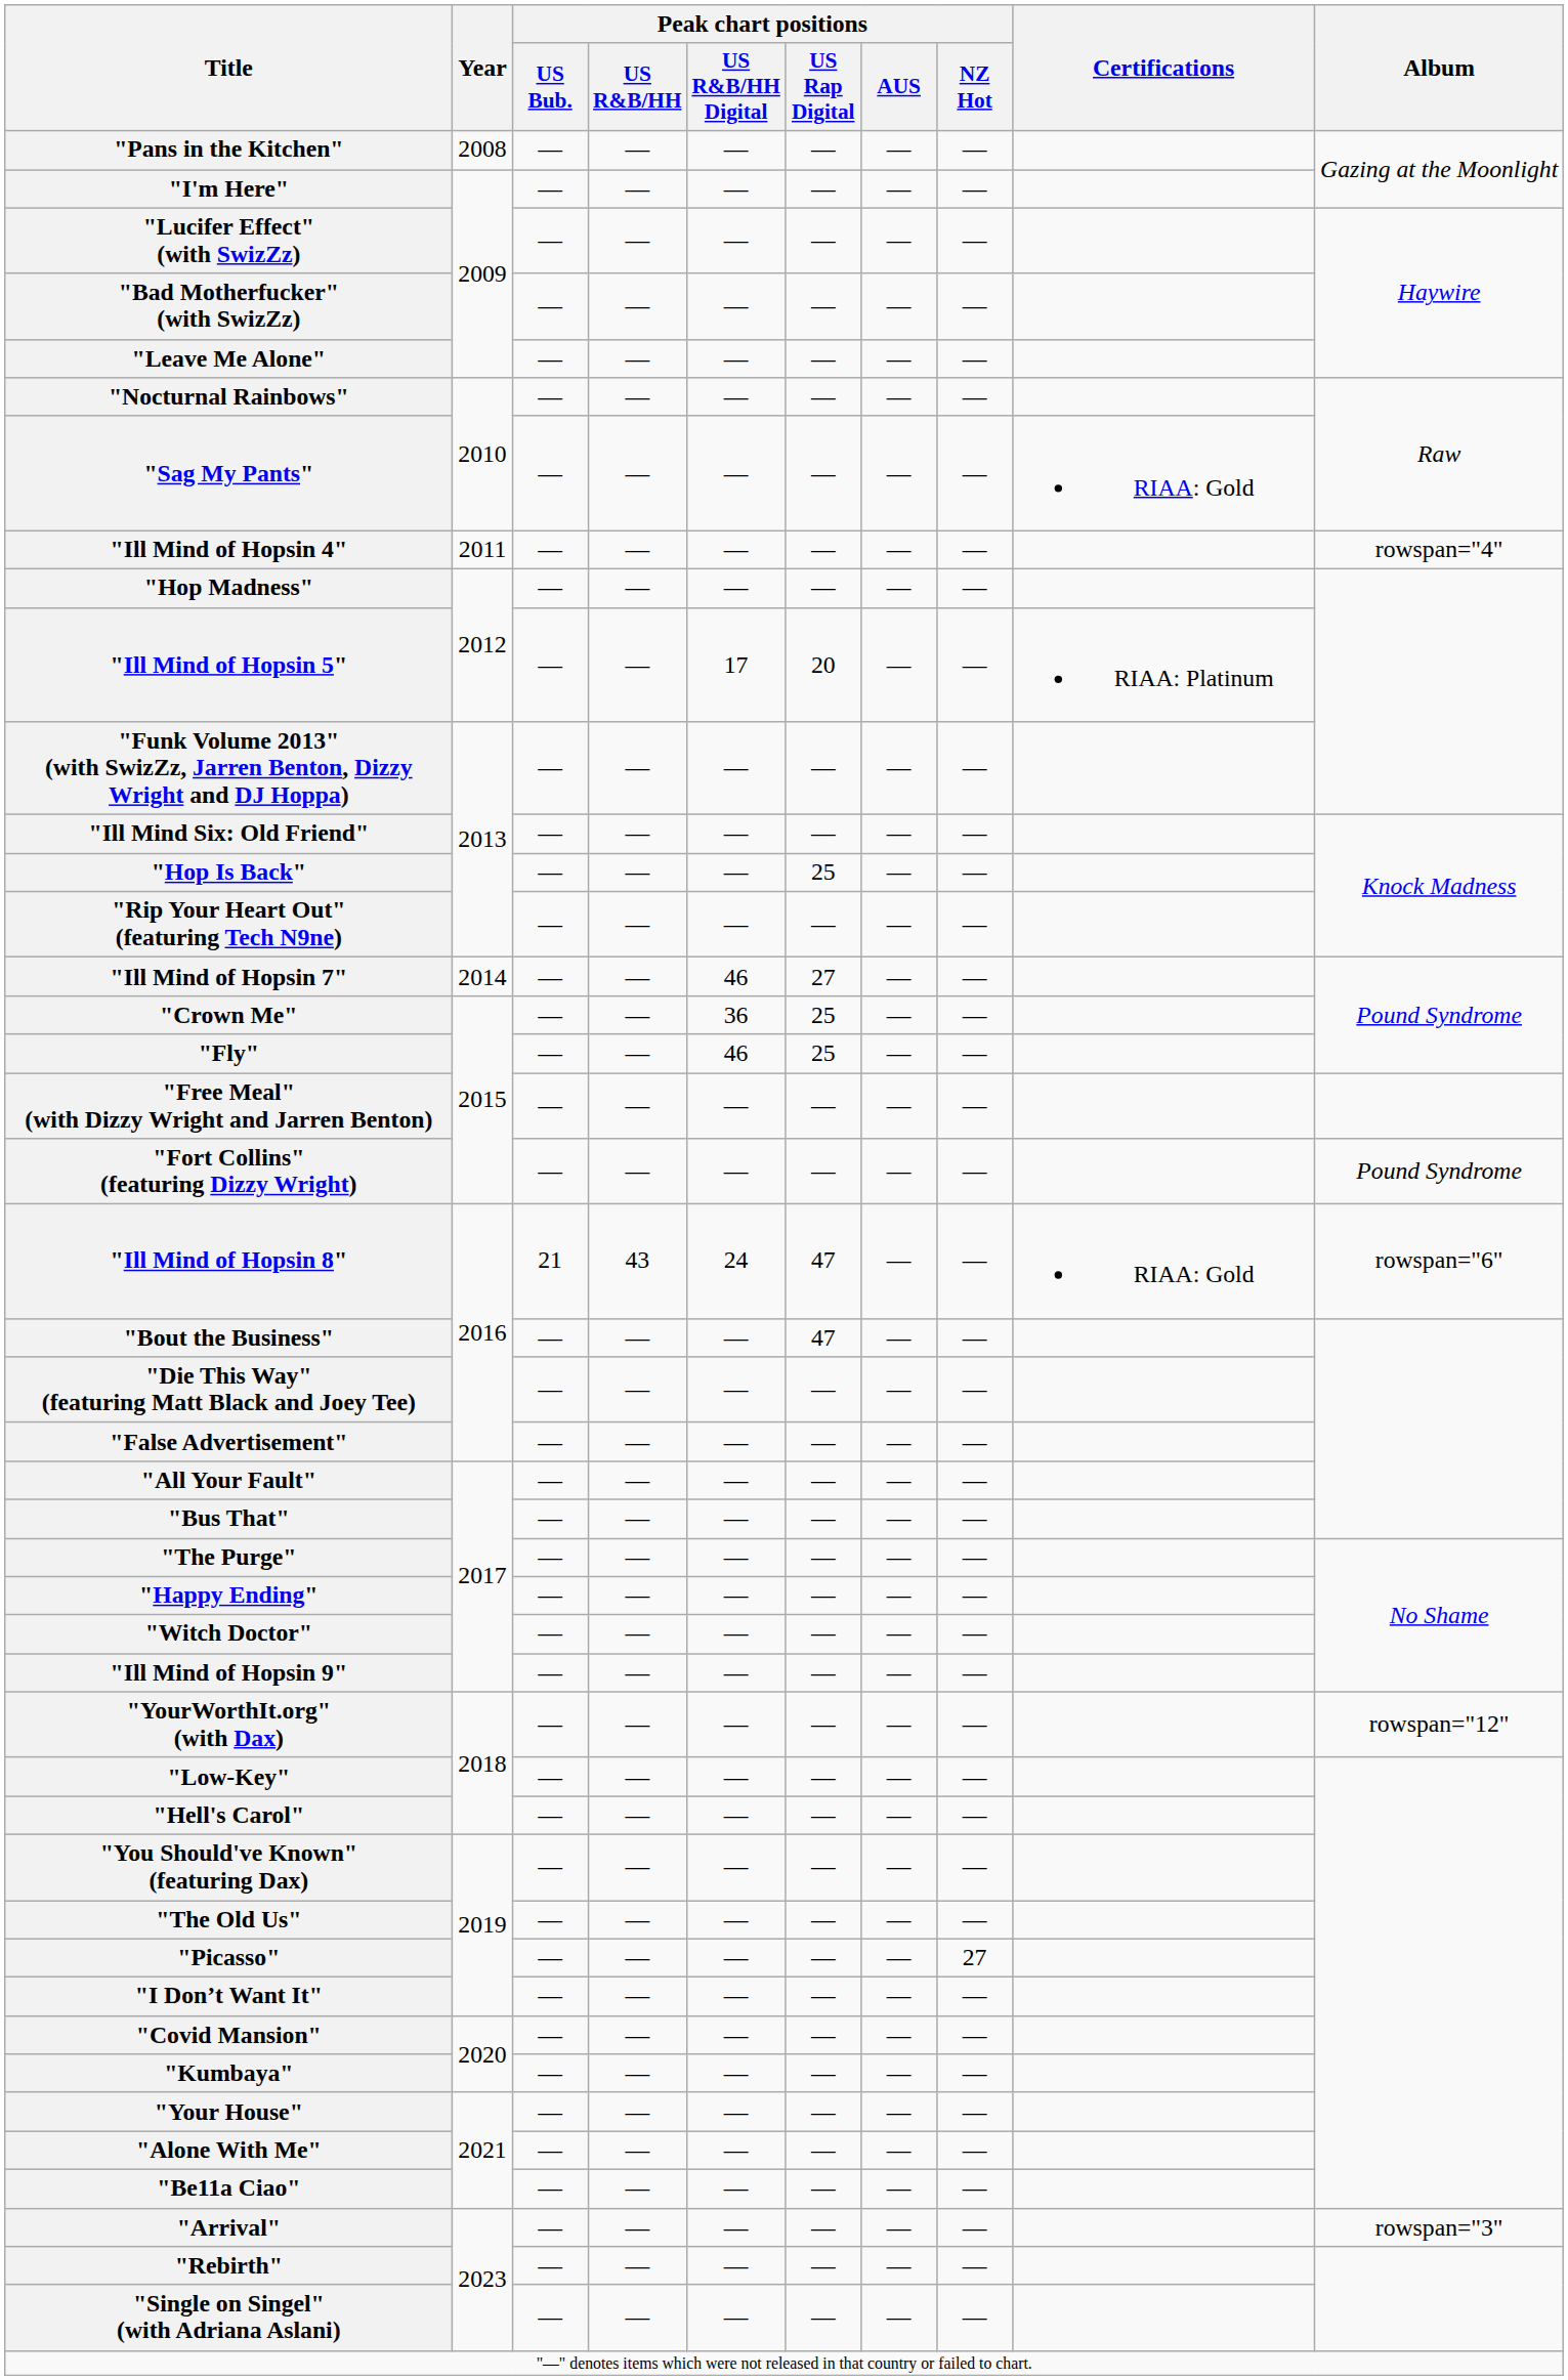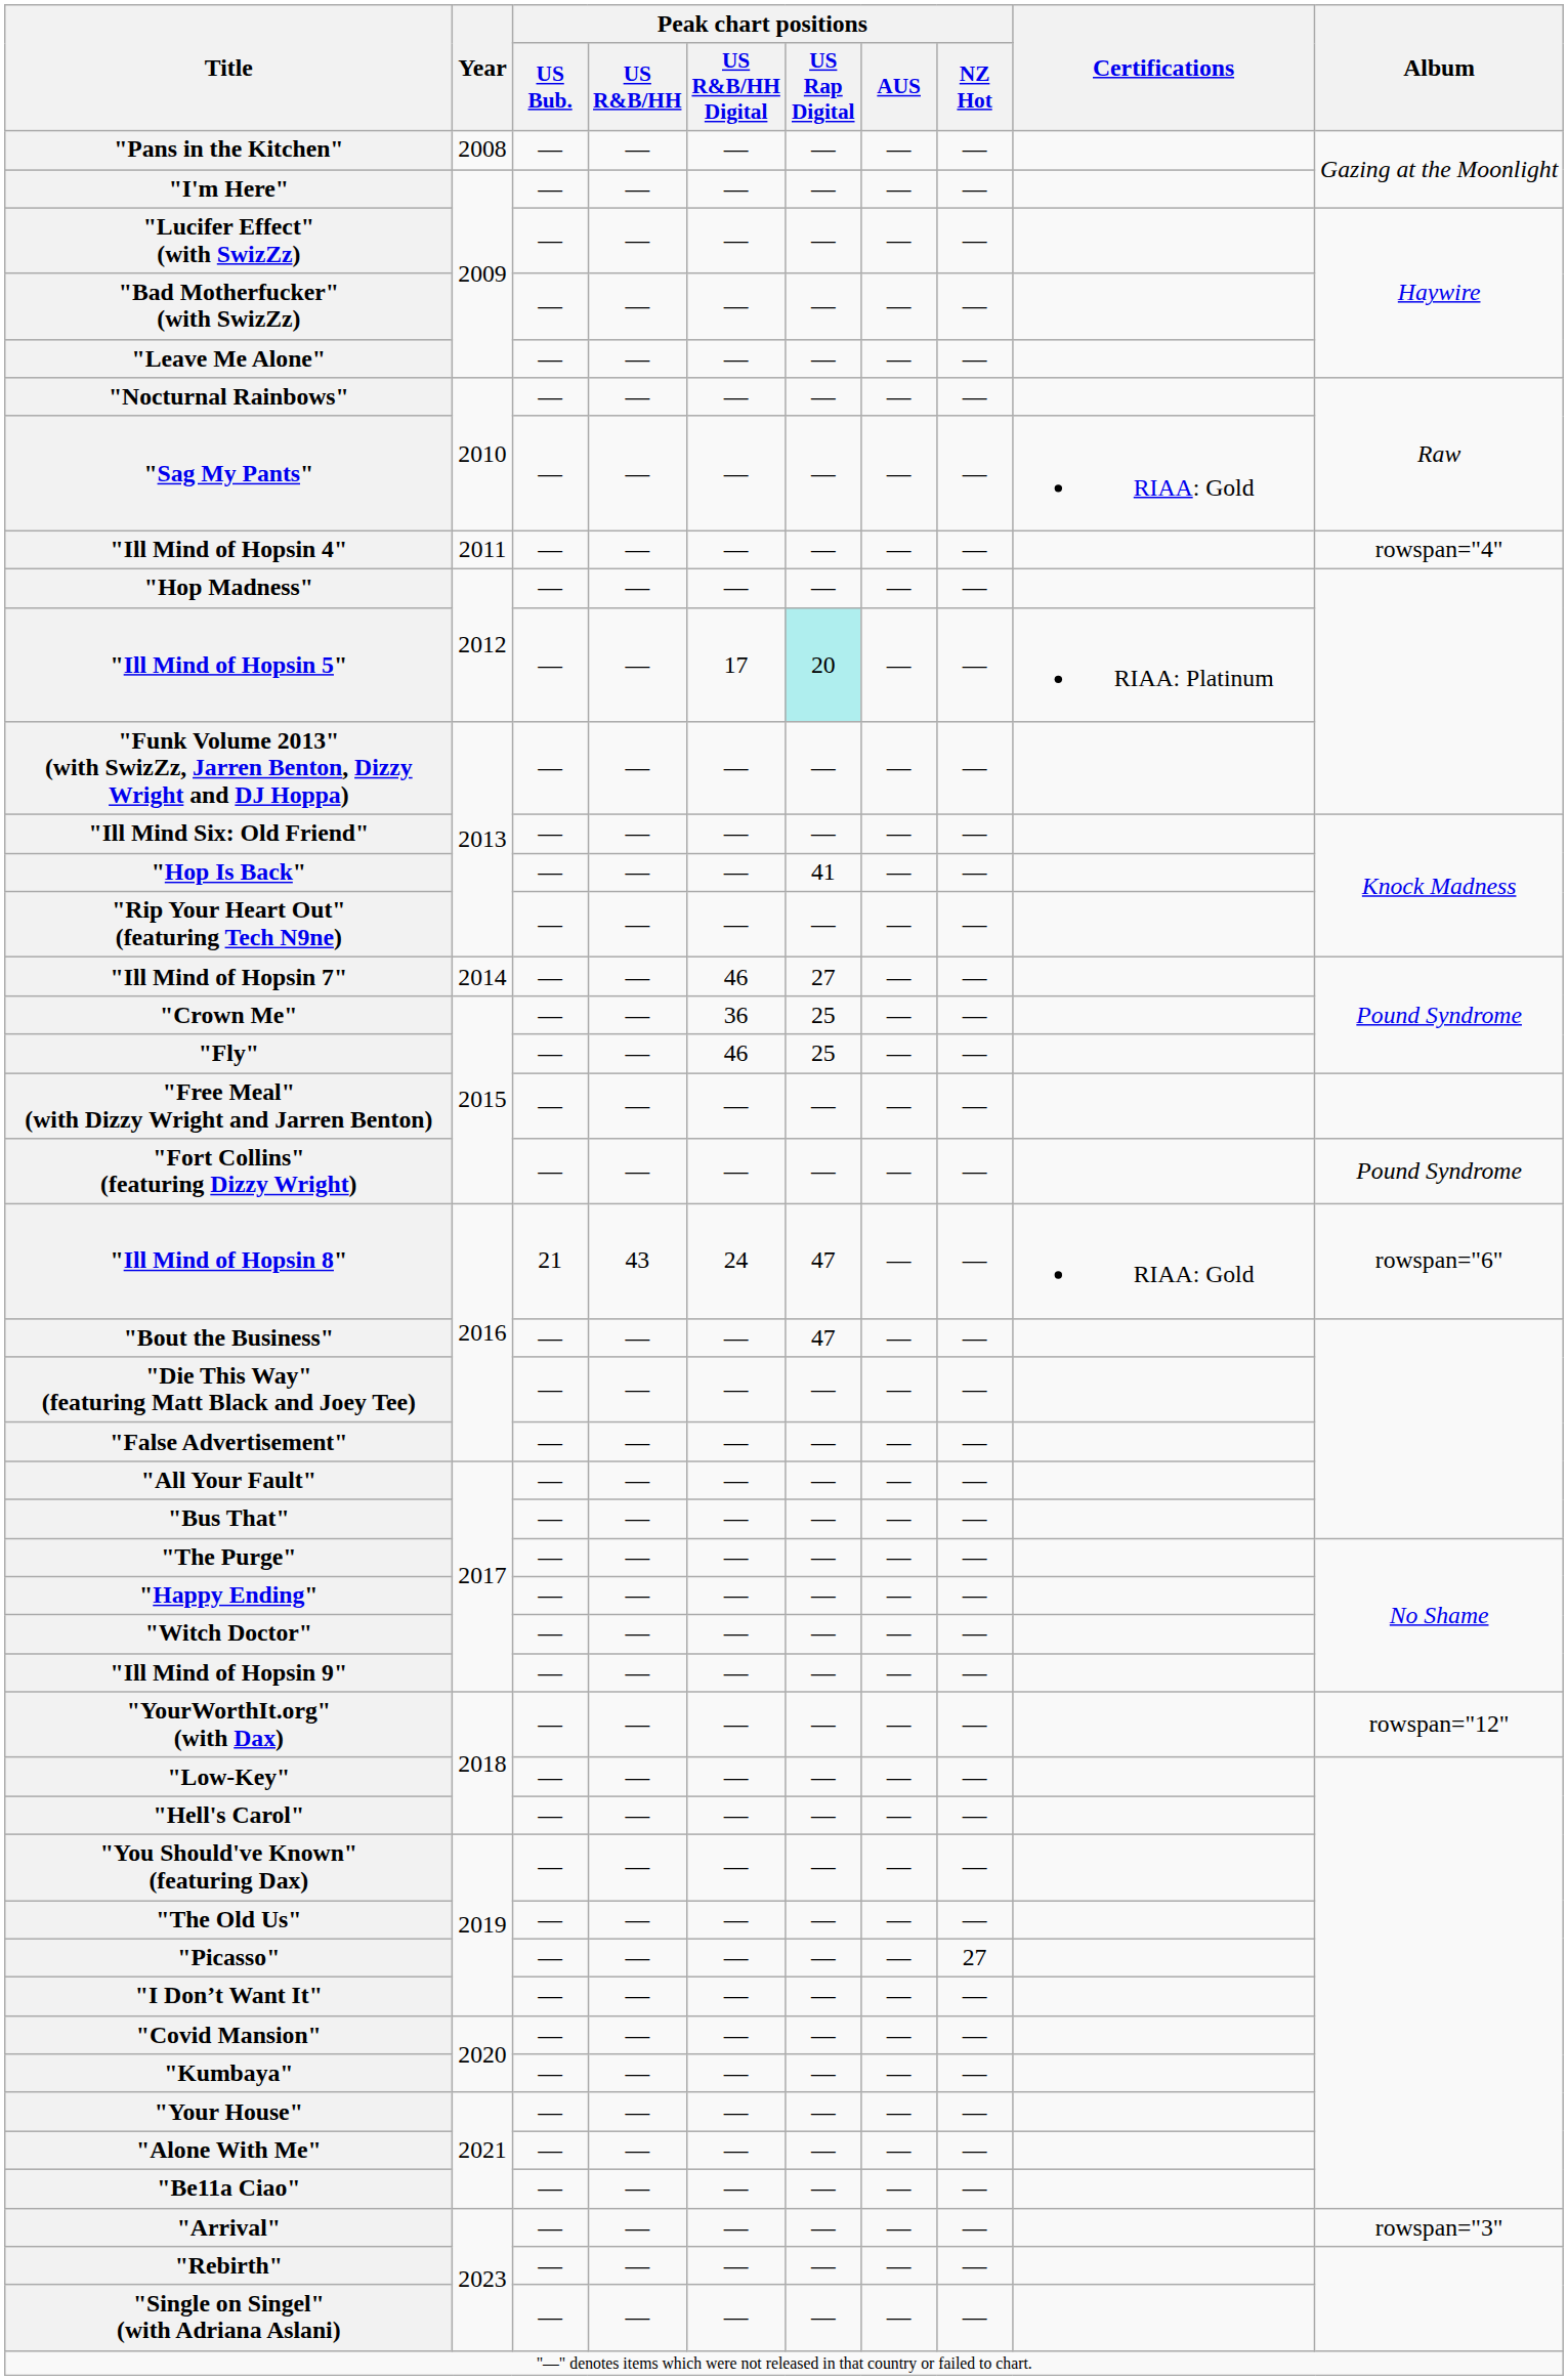 <table class="wikitable plainrowheaders" style="text-align:center;">
 <tr>
 <th scope="col" rowspan="2" style="width:18em;">Title</th>
 <th scope="col" rowspan="2">Year</th>
 <th scope="col" colspan="6">Peak chart positions</th>
 <th scope="col" rowspan="2" style="width:12em;"><a href='#'>Certifications</a></th>
 <th scope="col" rowspan="2">Album</th>
 </tr>
 <tr>
 <th scope="col" style="width:3em;font-size:90%;"><a href='#'>US<br>Bub.</a><br></th>
 <th scope="col" style="width:3em;font-size:90%;"><a href='#'>US R&B/HH</a><br></th>
 <th scope="col" style="width:3em;font-size:90%;"><a href='#'>US R&B/HH Digital</a><br></th>
 <th scope="col" style="width:3em;font-size:90%;"><a href='#'>US Rap Digital</a><br></th>
 <th scope="col" style="width:3em;font-size:90%;"><a href='#'>AUS</a></th>
 <th scope="col" style="width:3em;font-size:90%;"><a href='#'>NZ<br>Hot</a><br></th>
 </tr>
 <tr>
 <th scope="row">"Pans in the Kitchen"</th>
 <td>2008</td>
 <td>—</td>
 <td>—</td>
 <td>—</td>
 <td>—</td>
 <td>—</td>
 <td>—</td>
 <td></td>
 <td rowspan="2"><em>Gazing at the Moonlight</em></td>
 </tr>
 <tr>
 <th scope="row">"I'm Here"</th>
 <td rowspan="4">2009</td>
 <td>—</td>
 <td>—</td>
 <td>—</td>
 <td>—</td>
 <td>—</td>
 <td>—</td>
 <td></td>
 </tr>
 <tr>
 <th scope="row">"Lucifer Effect"<br><span>(with <a href='#'>SwizZz</a>)</span></th>
 <td>—</td>
 <td>—</td>
 <td>—</td>
 <td>—</td>
 <td>—</td>
 <td>—</td>
 <td></td>
 <td rowspan="3"><em><a href='#'>Haywire</a></em></td>
 </tr>
 <tr>
 <th scope="row">"Bad Motherfucker"<br><span>(with SwizZz)</span></th>
 <td>—</td>
 <td>—</td>
 <td>—</td>
 <td>—</td>
 <td>—</td>
 <td>—</td>
 <td></td>
 </tr>
 <tr>
 <th scope="row">"Leave Me Alone"</th>
 <td>—</td>
 <td>—</td>
 <td>—</td>
 <td>—</td>
 <td>—</td>
 <td>—</td>
 <td></td>
 </tr>
 <tr>
 <th scope="row">"Nocturnal Rainbows"</th>
 <td rowspan="2”">2010</td>
 <td>—</td>
 <td>—</td>
 <td>—</td>
 <td>—</td>
 <td>—</td>
 <td>—</td>
 <td></td>
 <td rowspan="2"><em>Raw</em></td>
 </tr>
 <tr>
 <th scope="row">"<a href='#'>Sag My Pants</a>"</th>
 <td>—</td>
 <td>—</td>
 <td>—</td>
 <td>—</td>
 <td>—</td>
 <td>—</td>
 <td><br><ul><li><a href='#'>RIAA</a>: Gold</li></ul></td>
 </tr>
 <tr>
 <th scope="row">"Ill Mind of Hopsin 4"</th>
 <td>2011</td>
 <td>—</td>
 <td>—</td>
 <td>—</td>
 <td>—</td>
 <td>—</td>
 <td>—</td>
 <td></td>
 <td>rowspan="4" </td>
 </tr>
 <tr>
 <th scope="row">"Hop Madness"</th>
 <td rowspan="2">2012</td>
 <td>—</td>
 <td>—</td>
 <td>—</td>
 <td>—</td>
 <td>—</td>
 <td>—</td>
 <td></td>
 </tr>
 <tr>
 <th scope="row">"<a href='#'>Ill Mind of Hopsin 5</a>"</th>
 <td>—</td>
 <td>—</td>
 <td>17</td>
-<td>20</td>
+<td style="background: paleturquoise;">20</td>
 <td>—</td>
 <td>—</td>
 <td><br><ul><li>RIAA: Platinum</li></ul></td>
 </tr>
 <tr>
 <th scope="row">"Funk Volume 2013"<br><span>(with SwizZz, <a href='#'>Jarren Benton</a>, <a href='#'>Dizzy Wright</a> and <a href='#'>DJ Hoppa</a>)</span></th>
 <td rowspan="4">2013</td>
 <td>—</td>
 <td>—</td>
 <td>—</td>
 <td>—</td>
 <td>—</td>
 <td>—</td>
 <td></td>
 </tr>
 <tr>
 <th scope="row">"Ill Mind Six: Old Friend"</th>
 <td>—</td>
 <td>—</td>
 <td>—</td>
 <td>—</td>
 <td>—</td>
 <td>—</td>
 <td></td>
 <td rowspan="3"><em><a href='#'>Knock Madness</a></em></td>
 </tr>
 <tr>
 <th scope="row">"<a href='#'>Hop Is Back</a>"</th>
 <td>—</td>
 <td>—</td>
 <td>—</td>
-<td>25</td>
+<td>41</td>
 <td>—</td>
 <td>—</td>
 <td></td>
 </tr>
 <tr>
 <th scope="row">"Rip Your Heart Out"<br><span>(featuring <a href='#'>Tech N9ne</a>)</span></th>
 <td>—</td>
 <td>—</td>
 <td>—</td>
 <td>—</td>
 <td>—</td>
 <td>—</td>
 <td></td>
 </tr>
 <tr>
 <th scope="row">"Ill Mind of Hopsin 7"</th>
 <td>2014</td>
 <td>—</td>
 <td>—</td>
 <td>46</td>
 <td>27</td>
 <td>—</td>
 <td>—</td>
 <td></td>
 <td rowspan="3"><em><a href='#'>Pound Syndrome</a></em></td>
 </tr>
 <tr>
 <th scope="row">"Crown Me"</th>
 <td rowspan="4">2015</td>
 <td>—</td>
 <td>—</td>
 <td>36</td>
 <td>25</td>
 <td>—</td>
 <td>—</td>
 <td></td>
 </tr>
 <tr>
 <th scope="row">"Fly"</th>
 <td>—</td>
 <td>—</td>
 <td>46</td>
 <td>25</td>
 <td>—</td>
 <td>—</td>
 <td></td>
 </tr>
 <tr>
 <th scope="row">"Free Meal"<br><span>(with Dizzy Wright and Jarren Benton)</span></th>
 <td>—</td>
 <td>—</td>
 <td>—</td>
 <td>—</td>
 <td>—</td>
 <td>—</td>
 <td></td>
 <td></td>
 </tr>
 <tr>
 <th scope="row">"Fort Collins"<br><span>(featuring <a href='#'>Dizzy Wright</a>)</span></th>
 <td>—</td>
 <td>—</td>
 <td>—</td>
 <td>—</td>
 <td>—</td>
 <td>—</td>
 <td></td>
 <td><em>Pound Syndrome</em></td>
 </tr>
 <tr>
 <th scope="row">"<a href='#'>Ill Mind of Hopsin 8</a>"</th>
 <td rowspan="4">2016</td>
 <td>21</td>
 <td>43</td>
 <td>24</td>
 <td>47</td>
 <td>—</td>
 <td>—</td>
 <td><br><ul><li>RIAA: Gold</li></ul></td>
 <td>rowspan="6" </td>
 </tr>
 <tr>
 <th scope="row">"Bout the Business"</th>
 <td>—</td>
 <td>—</td>
 <td>—</td>
 <td>47</td>
 <td>—</td>
 <td>—</td>
 <td></td>
 </tr>
 <tr>
 <th scope="row">"Die This Way"<br><span>(featuring Matt Black and Joey Tee)</span></th>
 <td>—</td>
 <td>—</td>
 <td>—</td>
 <td>—</td>
 <td>—</td>
 <td>—</td>
 <td></td>
 </tr>
 <tr>
 <th scope="row">"False Advertisement"</th>
 <td>—</td>
 <td>—</td>
 <td>—</td>
 <td>—</td>
 <td>—</td>
 <td>—</td>
 <td></td>
 </tr>
 <tr>
 <th scope="row">"All Your Fault"</th>
 <td rowspan="6">2017</td>
 <td>—</td>
 <td>—</td>
 <td>—</td>
 <td>—</td>
 <td>—</td>
 <td>—</td>
 <td></td>
 </tr>
 <tr>
 <th scope="row">"Bus That"</th>
 <td>—</td>
 <td>—</td>
 <td>—</td>
 <td>—</td>
 <td>—</td>
 <td>—</td>
 <td></td>
 </tr>
 <tr>
 <th scope="row">"The Purge"</th>
 <td>—</td>
 <td>—</td>
 <td>—</td>
 <td>—</td>
 <td>—</td>
 <td>—</td>
 <td></td>
 <td rowspan="4"><em><a href='#'>No Shame</a></em></td>
 </tr>
 <tr>
 <th scope="row">"<a href='#'>Happy Ending</a>"</th>
 <td>—</td>
 <td>—</td>
 <td>—</td>
 <td>—</td>
 <td>—</td>
 <td>—</td>
 <td></td>
 </tr>
 <tr>
 <th scope="row">"Witch Doctor"</th>
 <td>—</td>
 <td>—</td>
 <td>—</td>
 <td>—</td>
 <td>—</td>
 <td>—</td>
 <td></td>
 </tr>
 <tr>
 <th scope="row">"Ill Mind of Hopsin 9"</th>
 <td>—</td>
 <td>—</td>
 <td>—</td>
 <td>—</td>
 <td>—</td>
 <td>—</td>
 <td></td>
 </tr>
 <tr>
 <th scope="row">"YourWorthIt.org"<br><span>(with <a href='#'>Dax</a>)</span></th>
 <td rowspan="3">2018</td>
 <td>—</td>
 <td>—</td>
 <td>—</td>
 <td>—</td>
 <td>—</td>
 <td>—</td>
 <td></td>
 <td>rowspan="12" </td>
 </tr>
 <tr>
 <th scope="row">"Low-Key"</th>
 <td>—</td>
 <td>—</td>
 <td>—</td>
 <td>—</td>
 <td>—</td>
 <td>—</td>
 <td></td>
 </tr>
 <tr>
 <th scope="row">"Hell's Carol"</th>
 <td>—</td>
 <td>—</td>
 <td>—</td>
 <td>—</td>
 <td>—</td>
 <td>—</td>
 <td></td>
 </tr>
 <tr>
 <th scope="row">"You Should've Known"<br><span>(featuring Dax)</span></th>
 <td rowspan="4">2019</td>
 <td>—</td>
 <td>—</td>
 <td>—</td>
 <td>—</td>
 <td>—</td>
 <td>—</td>
 <td></td>
 </tr>
 <tr>
 <th scope="row">"The Old Us"</th>
 <td>—</td>
 <td>—</td>
 <td>—</td>
 <td>—</td>
 <td>—</td>
 <td>—</td>
 <td></td>
 </tr>
 <tr>
 <th scope="row">"Picasso"</th>
 <td>—</td>
 <td>—</td>
 <td>—</td>
 <td>—</td>
 <td>—</td>
 <td>27</td>
 <td></td>
 </tr>
 <tr>
 <th scope="row">"I Don’t Want It"</th>
 <td>—</td>
 <td>—</td>
 <td>—</td>
 <td>—</td>
 <td>—</td>
 <td>—</td>
 <td></td>
 </tr>
 <tr>
 <th scope="row">"Covid Mansion"</th>
 <td rowspan="2">2020</td>
 <td>—</td>
 <td>—</td>
 <td>—</td>
 <td>—</td>
 <td>—</td>
 <td>—</td>
 <td></td>
 </tr>
 <tr>
 <th scope="row">"Kumbaya"</th>
 <td>—</td>
 <td>—</td>
 <td>—</td>
 <td>—</td>
 <td>—</td>
 <td>—</td>
 <td></td>
 </tr>
 <tr>
 <th scope="row">"Your House"</th>
 <td rowspan="3">2021</td>
 <td>—</td>
 <td>—</td>
 <td>—</td>
 <td>—</td>
 <td>—</td>
 <td>—</td>
 <td></td>
 </tr>
 <tr>
 <th scope="row">"Alone With Me"</th>
 <td>—</td>
 <td>—</td>
 <td>—</td>
 <td>—</td>
 <td>—</td>
 <td>—</td>
 <td></td>
 </tr>
 <tr>
 <th scope="row">"Be11a Ciao"</th>
 <td>—</td>
 <td>—</td>
 <td>—</td>
 <td>—</td>
 <td>—</td>
 <td>—</td>
 <td></td>
 </tr>
 <tr>
 <th scope="row">"Arrival"</th>
 <td rowspan="3">2023</td>
 <td>—</td>
 <td>—</td>
 <td>—</td>
 <td>—</td>
 <td>—</td>
 <td>—</td>
 <td></td>
 <td>rowspan="3" </td>
 </tr>
 <tr>
 <th scope="row">"Rebirth"</th>
 <td>—</td>
 <td>—</td>
 <td>—</td>
 <td>—</td>
 <td>—</td>
 <td>—</td>
 <td></td>
 </tr>
 <tr>
 <th scope="row">"Single on Singel"<br><span>(with Adriana Aslani)</span></th>
 <td>—</td>
 <td>—</td>
 <td>—</td>
 <td>—</td>
 <td>—</td>
 <td>—</td>
 <td></td>
 </tr>
 <tr>
 <td align="center" colspan="14" style="font-size:8pt">"—" denotes items which were not released in that country or failed to chart.</td>
 </tr>
 </table>
